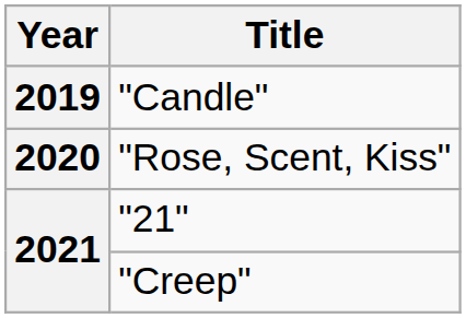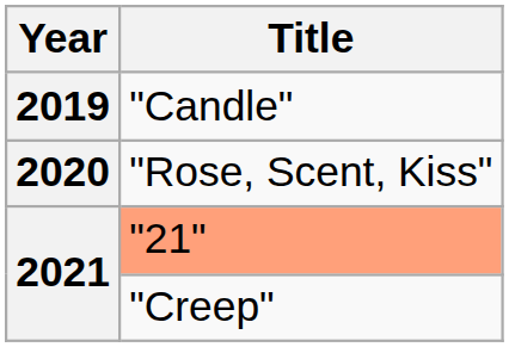 <table class="wikitable sortable plainrowheaders">
 <tr>
 <th>Year</th>
 <th>Title</th>
 </tr>
 <tr>
 <th scope="row">2019</th>
 <td>"Candle"  </td>
 </tr>
 <tr>
 <th scope="row">2020</th>
 <td>"Rose, Scent, Kiss"</td>
 </tr>
 <tr>
 <th scope="row" rowspan="2">2021</th>
-<td>"21"</td>
+<td style="background: lightsalmon;">"21"</td>
 </tr>
 <tr>
 <td>"Creep"</td>
 </tr>
 </table>
